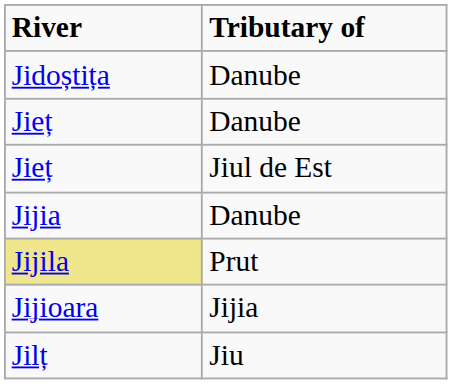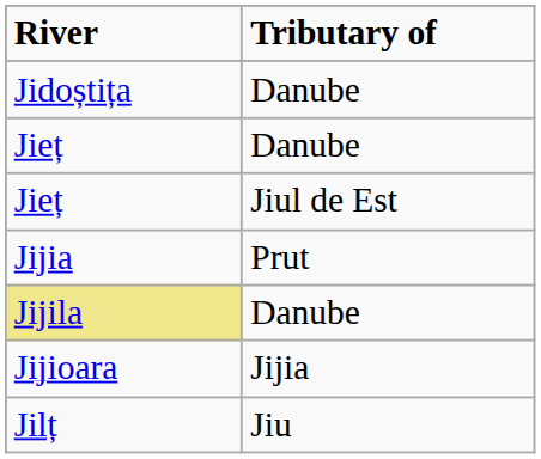 <table class="wikitable">
 <tr>
 <td width="100pt"><strong>River</strong></td>
 <td width="125pt"><strong>Tributary of</strong></td>
 </tr>
 <tr>
 <td><a href='#'>Jidoștița</a></td>
 <td>Danube</td>
 </tr>
 <tr>
 <td><a href='#'>Jieț</a></td>
 <td>Danube</td>
 </tr>
 <tr>
 <td><a href='#'>Jieț</a></td>
 <td>Jiul de Est</td>
 </tr>
 <tr>
 <td><a href='#'>Jijia</a></td>
-<td>Danube</td>
+<td>Prut</td>
 </tr>
 <tr>
 <td style="background: khaki;"><a href='#'>Jijila</a></td>
-<td>Prut</td>
+<td>Danube</td>
 </tr>
 <tr>
 <td><a href='#'>Jijioara</a></td>
 <td>Jijia</td>
 </tr>
 <tr>
 <td><a href='#'>Jilț</a></td>
 <td>Jiu</td>
 </tr>
 </table>
